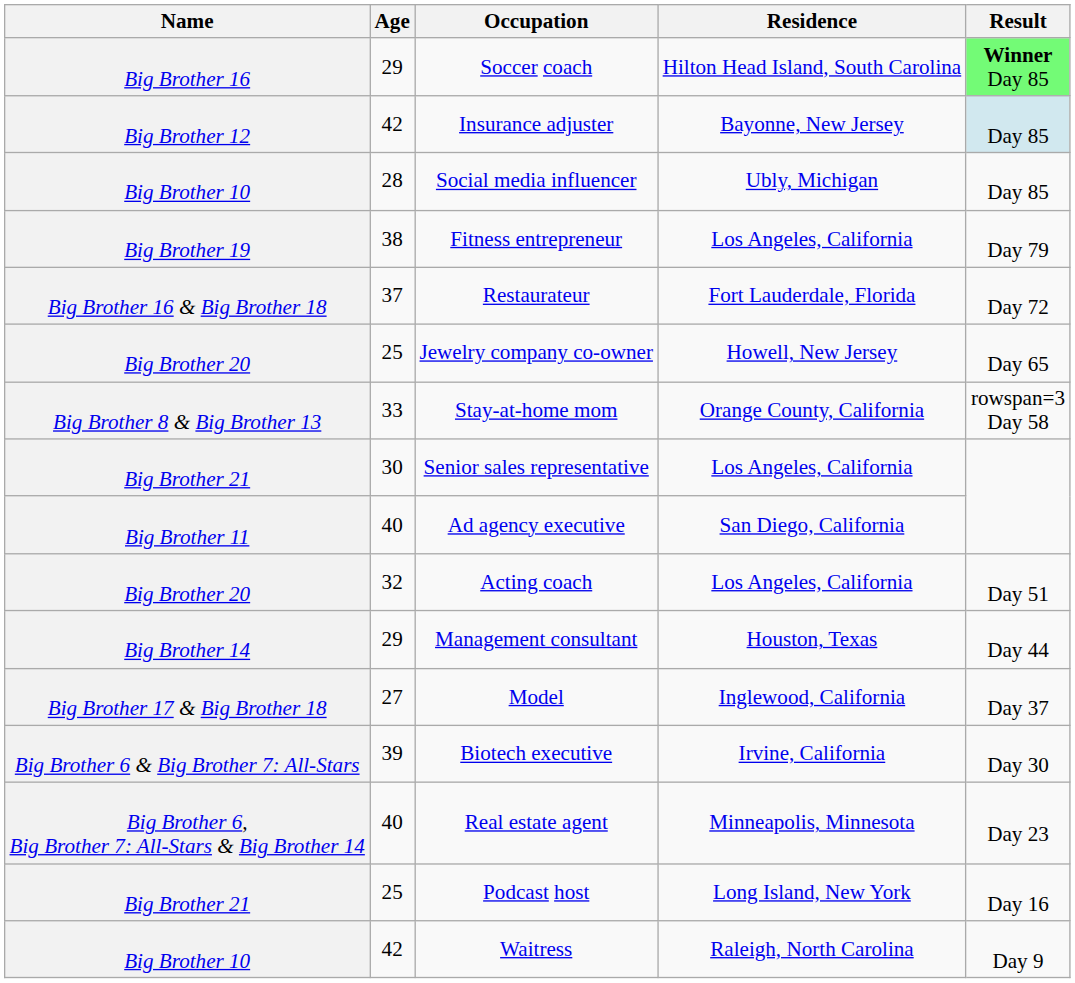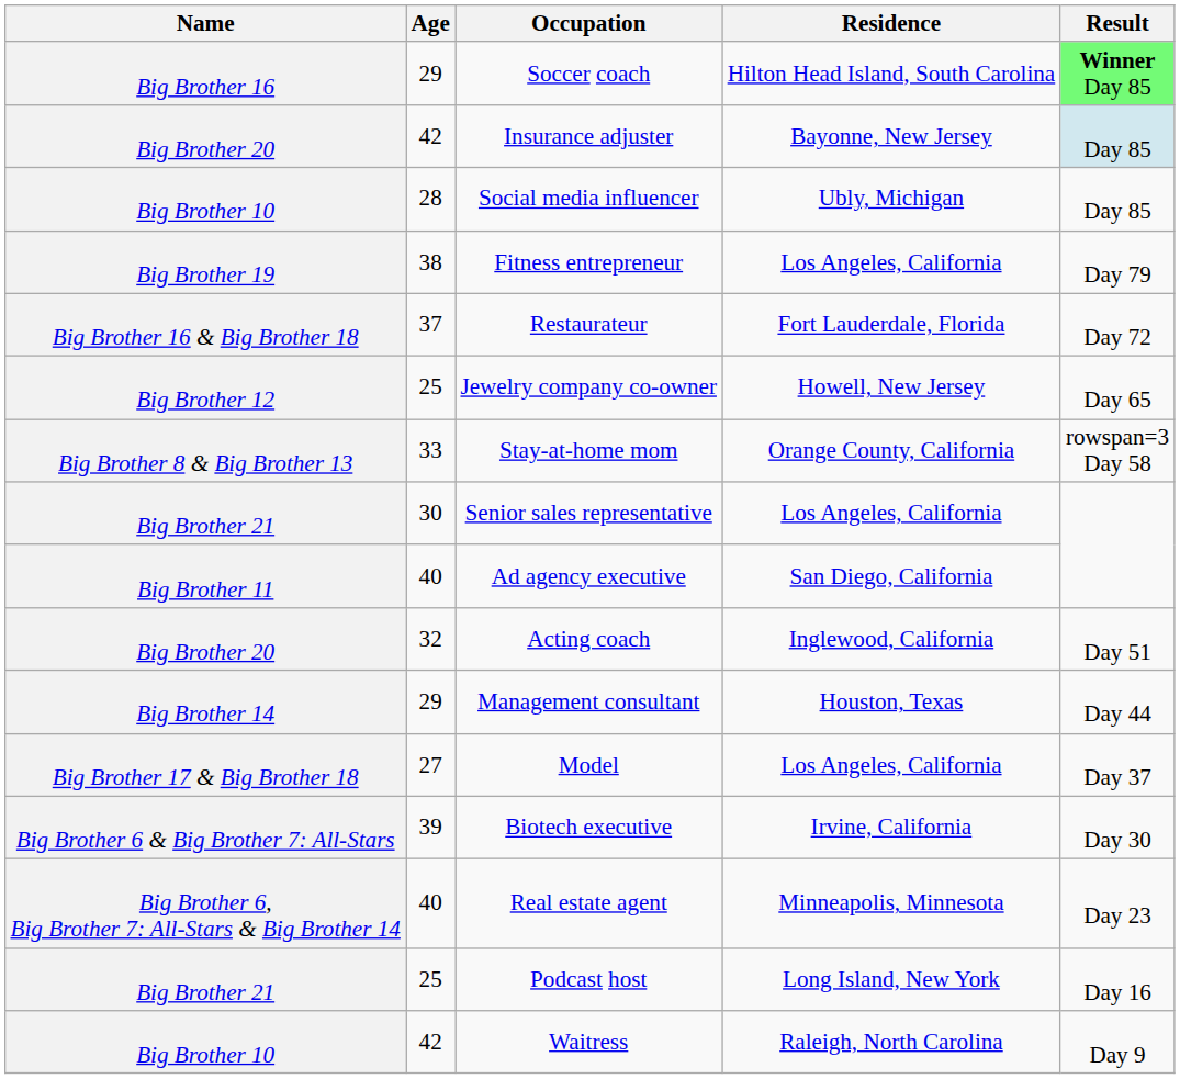 <table class="wikitable sortable" style="text-align:center; font-size:100%;">
 <tr>
 <th scope="col">Name</th>
 <th scope="col">Age</th>
 <th scope="col" class="unsortable">Occupation</th>
 <th scope="col" class="unsortable">Residence</th>
 <th scope="col"class="unsortable">Result</th>
 </tr>
 <tr>
 <th scope="row" style="font-weight:normal"><strong></strong><br><em><a href='#'>Big Brother 16</a></em></th>
 <td>29</td>
 <td><a href='#'>Soccer</a> <a href='#'>coach</a></td>
 <td><a href='#'>Hilton Head Island, South Carolina</a></td>
 <td bgcolor="73FB76"><strong>Winner</strong><br>Day 85</td>
 </tr>
 <tr>
-<th scope="row" style="font-weight:normal"><strong></strong><br><em><a href='#'>Big Brother 12</a></em></th>
+<th scope="row" style="font-weight:normal"><strong></strong><br><em><a href='#'>Big Brother 20</a></em></th>
 <td>42</td>
 <td><a href='#'>Insurance adjuster</a></td>
 <td><a href='#'>Bayonne, New Jersey</a></td>
 <td bgcolor="D1E8EF"><br> Day 85</td>
 </tr>
 <tr>
 <th scope="row" style="font-weight:normal"><strong></strong><br><em><a href='#'>Big Brother 10</a></em></th>
 <td>28</td>
 <td><a href='#'>Social media influencer</a></td>
 <td><a href='#'>Ubly, Michigan</a></td>
 <td><br>Day 85</td>
 </tr>
 <tr>
 <th scope="row" style="font-weight:normal"><strong></strong><br><em><a href='#'>Big Brother 19</a></em></th>
 <td>38</td>
 <td><a href='#'>Fitness entrepreneur</a></td>
 <td><a href='#'>Los Angeles, California</a></td>
 <td><br>Day 79</td>
 </tr>
 <tr>
 <th scope="row" style="font-weight:normal"><strong></strong><br><em><a href='#'>Big Brother 16</a> & <a href='#'>Big Brother 18</a></em></th>
 <td>37</td>
 <td><a href='#'>Restaurateur</a></td>
 <td><a href='#'>Fort Lauderdale, Florida</a></td>
 <td><br>Day 72</td>
 </tr>
 <tr>
-<th scope="row" style="font-weight:normal"><strong></strong><br><em><a href='#'>Big Brother 20</a></em></th>
+<th scope="row" style="font-weight:normal"><strong></strong><br><em><a href='#'>Big Brother 12</a></em></th>
 <td>25</td>
 <td><a href='#'>Jewelry company co-owner</a></td>
 <td><a href='#'>Howell, New Jersey</a></td>
 <td><br>Day 65</td>
 </tr>
 <tr>
 <th scope="row" style="font-weight:normal"><strong></strong><br><em><a href='#'>Big Brother 8</a> & <a href='#'>Big Brother 13</a></em></th>
 <td>33</td>
 <td><a href='#'>Stay-at-home mom</a></td>
 <td><a href='#'>Orange County, California</a></td>
 <td>rowspan=3 <br>Day 58</td>
 </tr>
 <tr>
 <th scope="row" style="font-weight:normal"><strong></strong><br><em><a href='#'>Big Brother 21</a></em></th>
 <td>30</td>
 <td><a href='#'>Senior sales representative</a></td>
 <td><a href='#'>Los Angeles, California</a></td>
 </tr>
 <tr>
 <th scope="row" style="font-weight:normal"><strong></strong><br><em><a href='#'>Big Brother 11</a></em></th>
 <td>40</td>
 <td><a href='#'>Ad agency executive</a></td>
 <td><a href='#'>San Diego, California</a></td>
 </tr>
 <tr>
 <th scope="row" style="font-weight:normal"><strong></strong><br><em><a href='#'>Big Brother 20</a></em></th>
 <td>32</td>
 <td><a href='#'>Acting coach</a></td>
-<td><a href='#'>Los Angeles, California</a></td>
+<td><a href='#'>Inglewood, California</a></td>
 <td><br>Day 51</td>
 </tr>
 <tr>
 <th scope="row" style="font-weight:normal"><strong></strong><br><em><a href='#'>Big Brother 14</a></em></th>
 <td>29</td>
 <td><a href='#'>Management consultant</a></td>
 <td><a href='#'>Houston, Texas</a></td>
 <td><br>Day 44</td>
 </tr>
 <tr>
 <th scope="row" style="font-weight:normal"><strong></strong><br><em><a href='#'>Big Brother 17</a> & <a href='#'>Big Brother 18</a></em></th>
 <td>27</td>
 <td><a href='#'>Model</a></td>
-<td><a href='#'>Inglewood, California</a></td>
+<td><a href='#'>Los Angeles, California</a></td>
 <td><br>Day 37</td>
 </tr>
 <tr>
 <th scope="row" style="font-weight:normal"><strong></strong><br><em><a href='#'>Big Brother 6</a> & <a href='#'>Big Brother 7: All-Stars</a></em></th>
 <td>39</td>
 <td><a href='#'>Biotech executive</a></td>
 <td><a href='#'>Irvine, California</a></td>
 <td><br>Day 30</td>
 </tr>
 <tr>
 <th scope="row" style="font-weight:normal"><strong></strong><br><em><a href='#'>Big Brother 6</a>,<br><a href='#'>Big Brother 7: All-Stars</a> & <a href='#'>Big Brother 14</a></em></th>
 <td>40</td>
 <td><a href='#'>Real estate agent</a></td>
 <td><a href='#'>Minneapolis, Minnesota</a></td>
 <td><br>Day 23</td>
 </tr>
 <tr>
 <th scope="row" style="font-weight:normal"><strong></strong><br><em><a href='#'>Big Brother 21</a></em></th>
 <td>25</td>
 <td><a href='#'>Podcast</a> <a href='#'>host</a></td>
 <td><a href='#'>Long Island, New York</a></td>
 <td><br>Day 16</td>
 </tr>
 <tr>
 <th scope="row" style="font-weight:normal"><strong></strong><br><em><a href='#'>Big Brother 10</a></em></th>
 <td>42</td>
 <td><a href='#'>Waitress</a></td>
 <td><a href='#'>Raleigh, North Carolina</a></td>
 <td><br>Day 9</td>
 </tr>
 </table>
